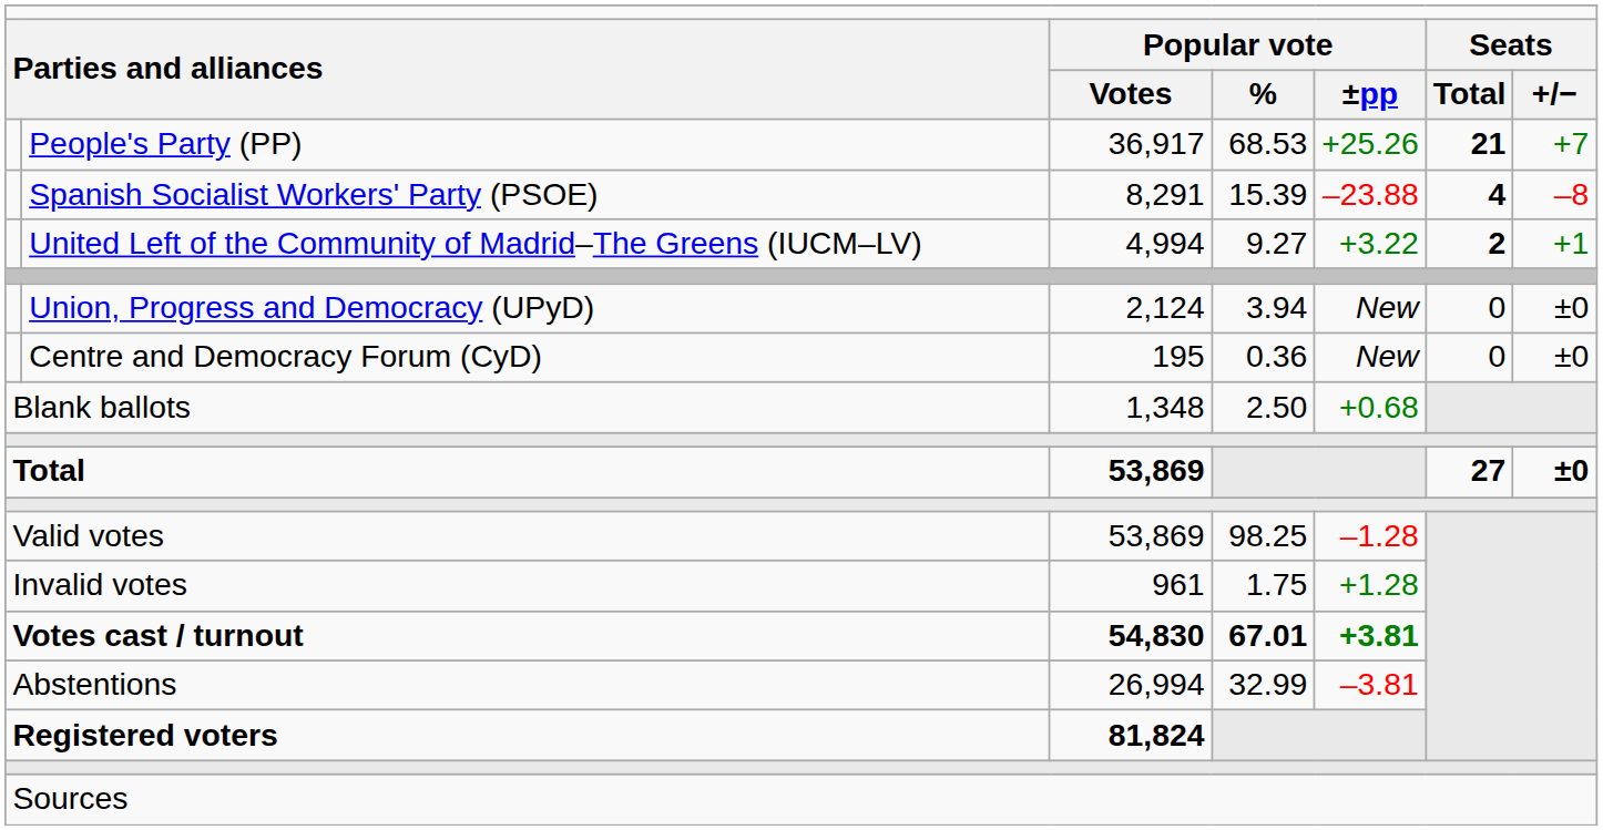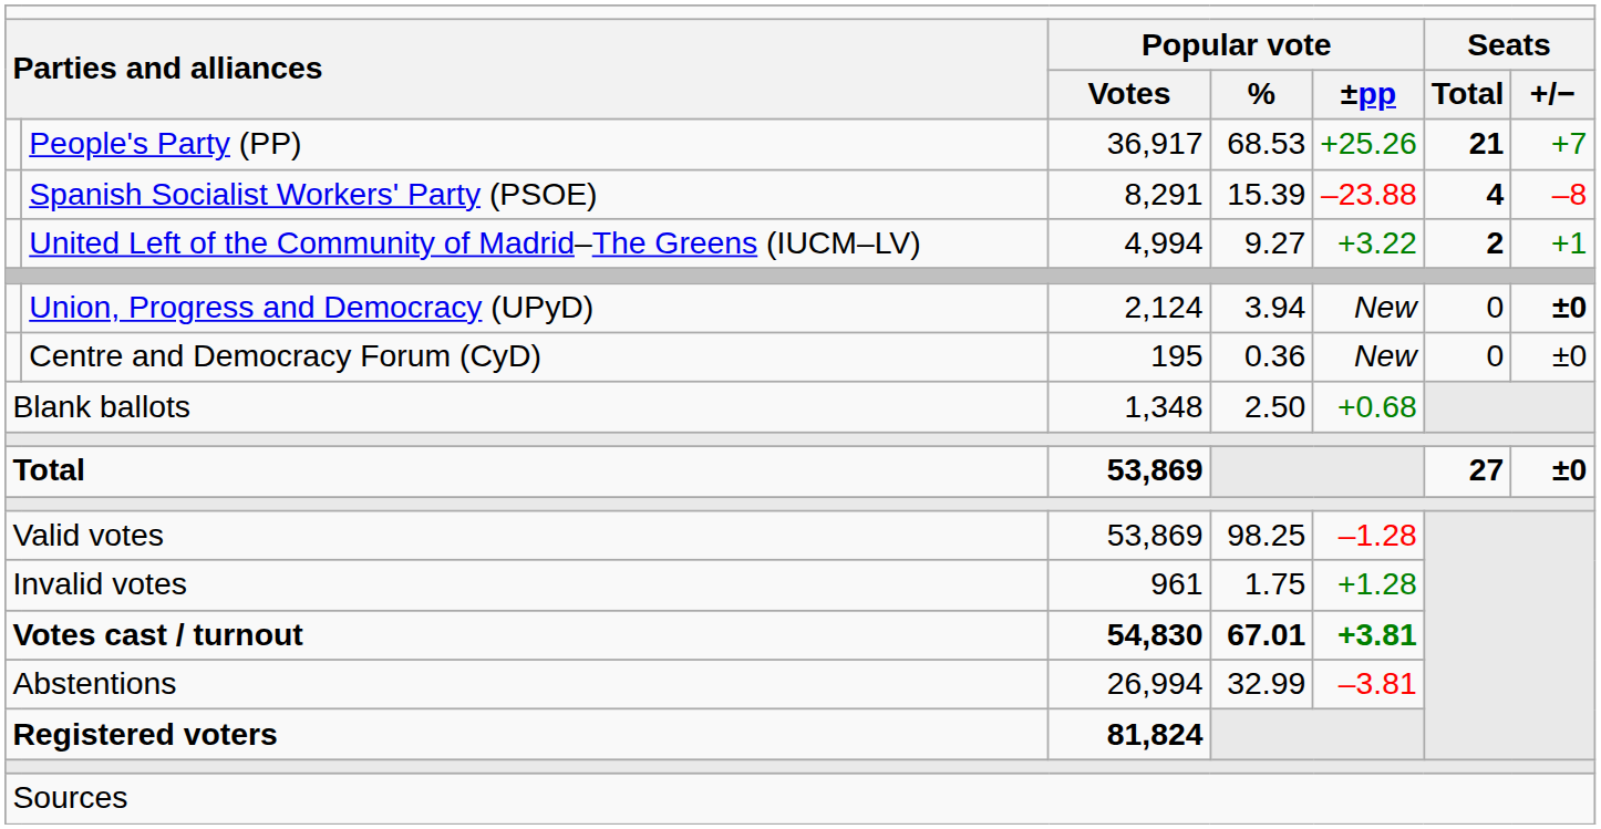 <table class="wikitable" style="text-align:right;">
 <tr>
 <td colspan="7"></td>
 </tr>
 <tr>
 <th style="text-align:left;" rowspan="2" colspan="2" width="525">Parties and alliances</th>
 <th colspan="3">Popular vote</th>
 <th colspan="2">Seats</th>
 </tr>
 <tr>
 <th width="75">Votes</th>
 <th width="45">%</th>
 <th width="45">±<a href='#'>pp</a></th>
 <th width="35">Total</th>
 <th width="35">+/−</th>
 </tr>
 <tr>
 <td width="1" style="color:inherit;background:"></td>
 <td align="left"><a href='#'>People's Party</a> (PP)</td>
 <td>36,917</td>
 <td>68.53</td>
 <td style="color:green;">+25.26</td>
 <td><strong>21</strong></td>
 <td style="color:green;">+7</td>
 </tr>
 <tr>
 <td style="color:inherit;background:"></td>
 <td align="left"><a href='#'>Spanish Socialist Workers' Party</a> (PSOE)</td>
 <td>8,291</td>
 <td>15.39</td>
 <td style="color:red;">–23.88</td>
 <td><strong>4</strong></td>
 <td style="color:red;">–8</td>
 </tr>
 <tr>
 <td style="color:inherit;background:"></td>
 <td align="left"><a href='#'>United Left of the Community of Madrid</a>–<a href='#'>The Greens</a> (IUCM–LV)</td>
 <td>4,994</td>
 <td>9.27</td>
 <td style="color:green;">+3.22</td>
 <td><strong>2</strong></td>
 <td style="color:green;">+1</td>
 </tr>
 <tr>
 <td colspan="7" bgcolor="#C0C0C0"></td>
 </tr>
 <tr>
 <td style="color:inherit;background:"></td>
 <td align="left"><a href='#'>Union, Progress and Democracy</a> (UPyD)</td>
 <td>2,124</td>
 <td>3.94</td>
 <td><em>New</em></td>
 <td>0</td>
-<td>±0</td>
+<td><strong>±0</strong></td>
 </tr>
 <tr>
 <td style="color:inherit;background:"></td>
 <td align="left">Centre and Democracy Forum (CyD)</td>
 <td>195</td>
 <td>0.36</td>
 <td><em>New</em></td>
 <td>0</td>
 <td>±0</td>
 </tr>
 <tr>
 <td align="left" colspan="2">Blank ballots</td>
 <td>1,348</td>
 <td>2.50</td>
 <td style="color:green;">+0.68</td>
 <td bgcolor="#E9E9E9" colspan="2"></td>
 </tr>
 <tr>
 <td colspan="7" bgcolor="#E9E9E9"></td>
 </tr>
 <tr style="font-weight:bold;">
 <td align="left" colspan="2">Total</td>
 <td>53,869</td>
 <td bgcolor="#E9E9E9" colspan="2"></td>
 <td>27</td>
 <td>±0</td>
 </tr>
 <tr>
 <td colspan="7" bgcolor="#E9E9E9"></td>
 </tr>
 <tr>
 <td align="left" colspan="2">Valid votes</td>
 <td>53,869</td>
 <td>98.25</td>
 <td style="color:red;">–1.28</td>
 <td bgcolor="#E9E9E9" colspan="2" rowspan="5"></td>
 </tr>
 <tr>
 <td align="left" colspan="2">Invalid votes</td>
 <td>961</td>
 <td>1.75</td>
 <td style="color:green;">+1.28</td>
 </tr>
 <tr style="font-weight:bold;">
 <td align="left" colspan="2">Votes cast / turnout</td>
 <td>54,830</td>
 <td>67.01</td>
 <td style="color:green;">+3.81</td>
 </tr>
 <tr>
 <td align="left" colspan="2">Abstentions</td>
 <td>26,994</td>
 <td>32.99</td>
 <td style="color:red;">–3.81</td>
 </tr>
 <tr style="font-weight:bold;">
 <td align="left" colspan="2">Registered voters</td>
 <td>81,824</td>
 <td bgcolor="#E9E9E9" colspan="2"></td>
 </tr>
 <tr>
 <td colspan="7" bgcolor="#E9E9E9"></td>
 </tr>
 <tr>
 <td align="left" colspan="7">Sources</td>
 </tr>
 </table>
